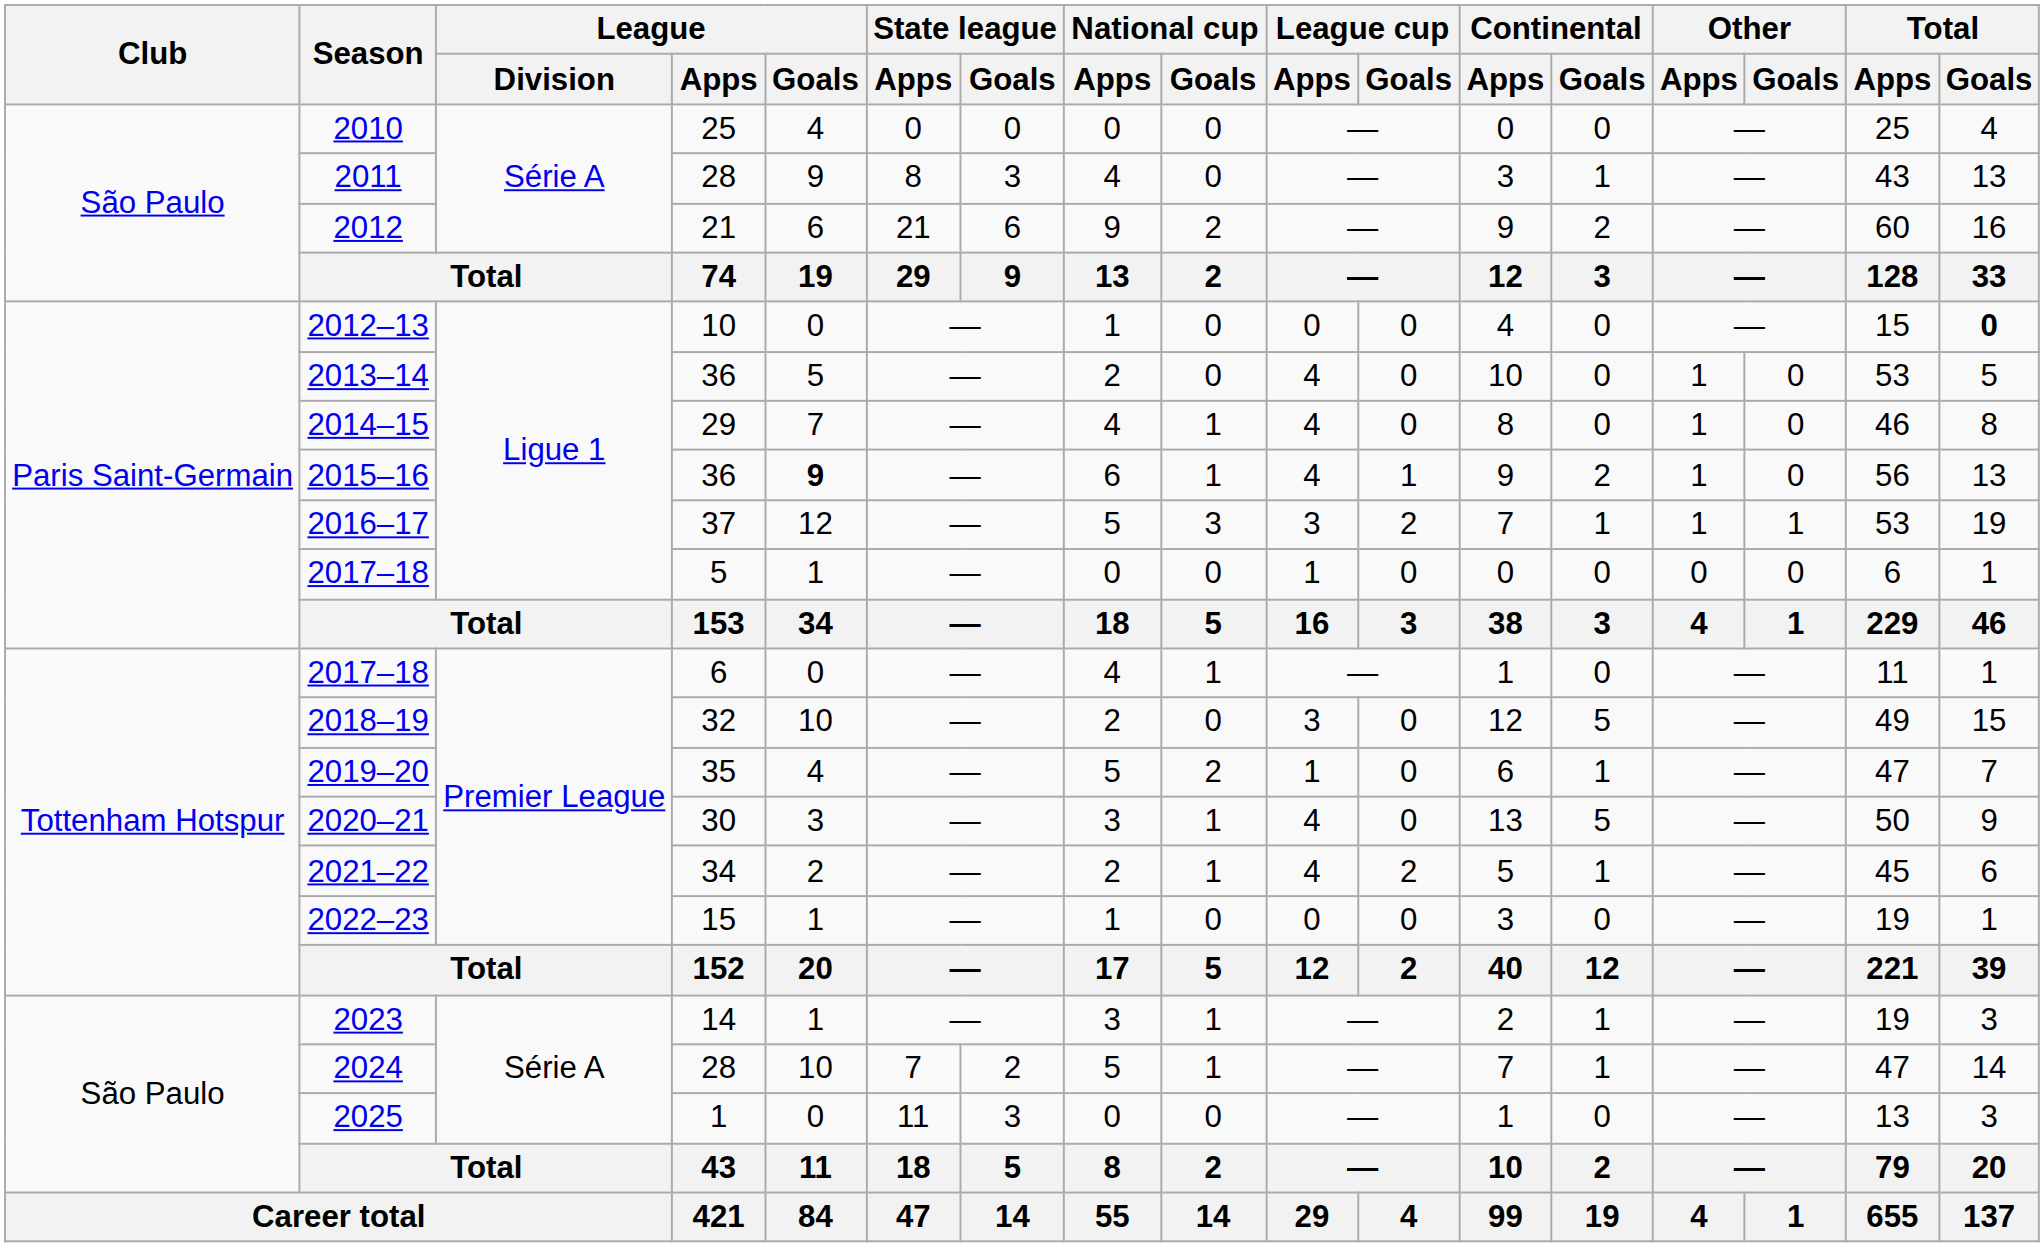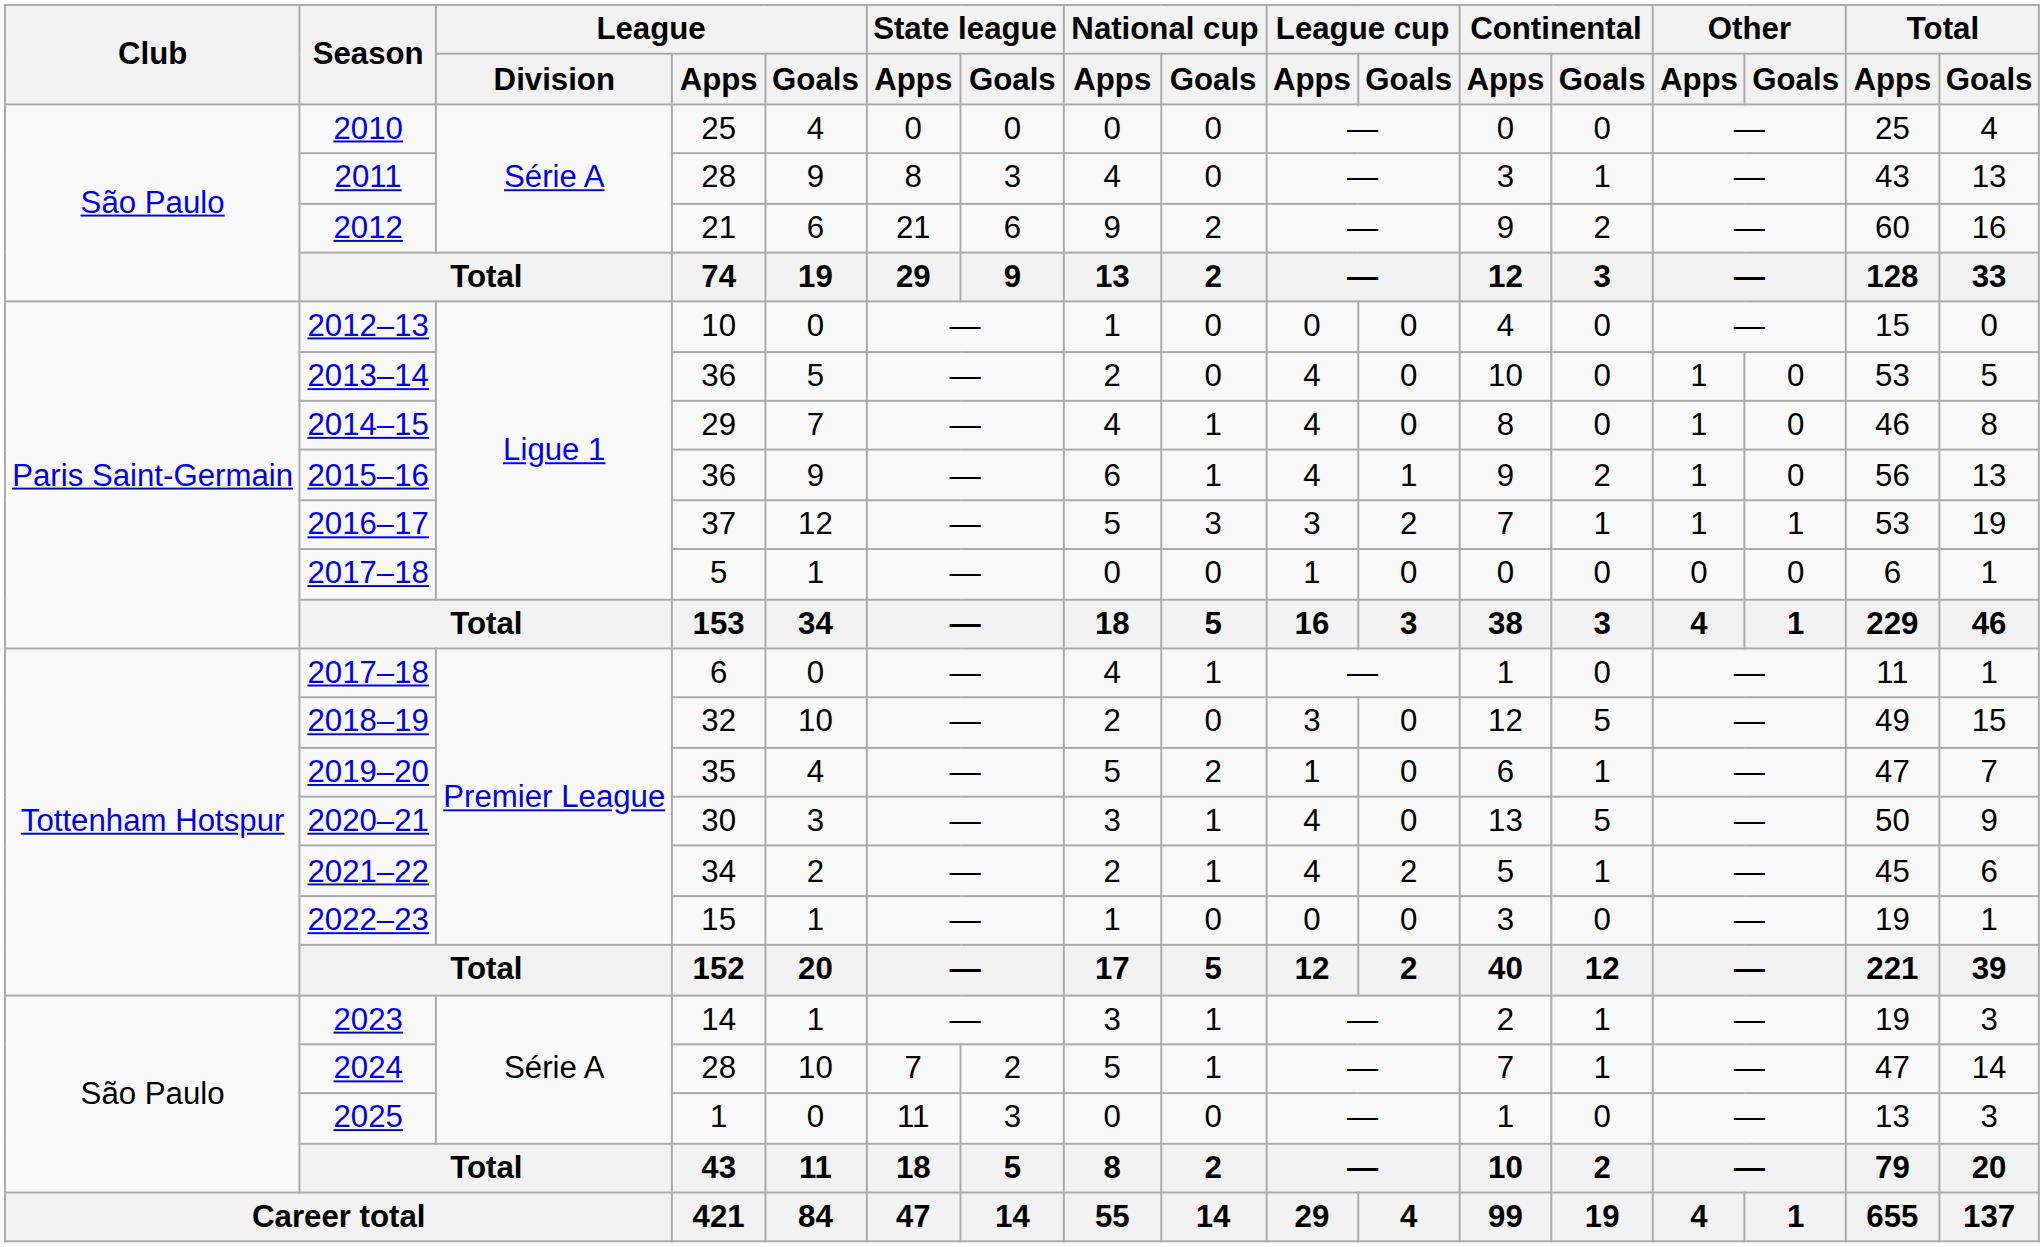 <table class="wikitable" style="text-align:center">
 <tr>
 <th rowspan="2">Club</th>
 <th rowspan="2">Season</th>
 <th colspan="3">League</th>
 <th colspan="2">State league</th>
 <th colspan="2">National cup</th>
 <th colspan="2">League cup</th>
 <th colspan="2">Continental</th>
 <th colspan="2">Other</th>
 <th colspan="2">Total</th>
 </tr>
 <tr>
 <th>Division</th>
 <th>Apps</th>
 <th>Goals</th>
 <th>Apps</th>
 <th>Goals</th>
 <th>Apps</th>
 <th>Goals</th>
 <th>Apps</th>
 <th>Goals</th>
 <th>Apps</th>
 <th>Goals</th>
 <th>Apps</th>
 <th>Goals</th>
 <th>Apps</th>
 <th>Goals</th>
 </tr>
 <tr>
 <td rowspan="4"><a href='#'>São Paulo</a></td>
 <td><a href='#'>2010</a></td>
 <td rowspan="3"><a href='#'>Série A</a></td>
 <td>25</td>
 <td>4</td>
 <td>0</td>
 <td>0</td>
 <td>0</td>
 <td>0</td>
 <td colspan="2">—</td>
 <td>0</td>
 <td>0</td>
 <td colspan="2">—</td>
 <td>25</td>
 <td>4</td>
 </tr>
 <tr>
 <td><a href='#'>2011</a></td>
 <td>28</td>
 <td>9</td>
 <td>8</td>
 <td>3</td>
 <td>4</td>
 <td>0</td>
 <td colspan="2">—</td>
 <td>3</td>
 <td>1</td>
 <td colspan="2">—</td>
 <td>43</td>
 <td>13</td>
 </tr>
 <tr>
 <td><a href='#'>2012</a></td>
 <td>21</td>
 <td>6</td>
 <td>21</td>
 <td>6</td>
 <td>9</td>
 <td>2</td>
 <td colspan="2">—</td>
 <td>9</td>
 <td>2</td>
 <td colspan="2">—</td>
 <td>60</td>
 <td>16</td>
 </tr>
 <tr>
 <th colspan="2">Total</th>
 <th>74</th>
 <th>19</th>
 <th>29</th>
 <th>9</th>
 <th>13</th>
 <th>2</th>
 <th colspan="2">—</th>
 <th>12</th>
 <th>3</th>
 <th colspan="2">—</th>
 <th>128</th>
 <th>33</th>
 </tr>
 <tr>
 <td rowspan="7"><a href='#'>Paris Saint-Germain</a></td>
 <td><a href='#'>2012–13</a></td>
 <td rowspan="6"><a href='#'>Ligue 1</a></td>
 <td>10</td>
 <td>0</td>
 <td colspan="2">—</td>
 <td>1</td>
 <td>0</td>
 <td>0</td>
 <td>0</td>
 <td>4</td>
 <td>0</td>
 <td colspan="2">—</td>
 <td>15</td>
-<td><strong>0</strong></td>
+<td>0</td>
 </tr>
 <tr>
 <td><a href='#'>2013–14</a></td>
 <td>36</td>
 <td>5</td>
 <td colspan="2">—</td>
 <td>2</td>
 <td>0</td>
 <td>4</td>
 <td>0</td>
 <td>10</td>
 <td>0</td>
 <td>1</td>
 <td>0</td>
 <td>53</td>
 <td>5</td>
 </tr>
 <tr>
 <td><a href='#'>2014–15</a></td>
 <td>29</td>
 <td>7</td>
 <td colspan="2">—</td>
 <td>4</td>
 <td>1</td>
 <td>4</td>
 <td>0</td>
 <td>8</td>
 <td>0</td>
 <td>1</td>
 <td>0</td>
 <td>46</td>
 <td>8</td>
 </tr>
 <tr>
 <td><a href='#'>2015–16</a></td>
 <td>36</td>
-<td><strong>9</strong></td>
+<td>9</td>
 <td colspan="2">—</td>
 <td>6</td>
 <td>1</td>
 <td>4</td>
 <td>1</td>
 <td>9</td>
 <td>2</td>
 <td>1</td>
 <td>0</td>
 <td>56</td>
 <td>13</td>
 </tr>
 <tr>
 <td><a href='#'>2016–17</a></td>
 <td>37</td>
 <td>12</td>
 <td colspan="2">—</td>
 <td>5</td>
 <td>3</td>
 <td>3</td>
 <td>2</td>
 <td>7</td>
 <td>1</td>
 <td>1</td>
 <td>1</td>
 <td>53</td>
 <td>19</td>
 </tr>
 <tr>
 <td><a href='#'>2017–18</a></td>
 <td>5</td>
 <td>1</td>
 <td colspan="2">—</td>
 <td>0</td>
 <td>0</td>
 <td>1</td>
 <td>0</td>
 <td>0</td>
 <td>0</td>
 <td>0</td>
 <td>0</td>
 <td>6</td>
 <td>1</td>
 </tr>
 <tr>
 <th colspan="2">Total</th>
 <th>153</th>
 <th>34</th>
 <th colspan="2">—</th>
 <th>18</th>
 <th>5</th>
 <th>16</th>
 <th>3</th>
 <th>38</th>
 <th>3</th>
 <th>4</th>
 <th>1</th>
 <th>229</th>
 <th>46</th>
 </tr>
 <tr>
 <td rowspan="7"><a href='#'>Tottenham Hotspur</a></td>
 <td><a href='#'>2017–18</a></td>
 <td rowspan="6"><a href='#'>Premier League</a></td>
 <td>6</td>
 <td>0</td>
 <td colspan="2">—</td>
 <td>4</td>
 <td>1</td>
 <td colspan="2">—</td>
 <td>1</td>
 <td>0</td>
 <td colspan="2">—</td>
 <td>11</td>
 <td>1</td>
 </tr>
 <tr>
 <td><a href='#'>2018–19</a></td>
 <td>32</td>
 <td>10</td>
 <td colspan="2">—</td>
 <td>2</td>
 <td>0</td>
 <td>3</td>
 <td>0</td>
 <td>12</td>
 <td>5</td>
 <td colspan="2">—</td>
 <td>49</td>
 <td>15</td>
 </tr>
 <tr>
 <td><a href='#'>2019–20</a></td>
 <td>35</td>
 <td>4</td>
 <td colspan="2">—</td>
 <td>5</td>
 <td>2</td>
 <td>1</td>
 <td>0</td>
 <td>6</td>
 <td>1</td>
 <td colspan="2">—</td>
 <td>47</td>
 <td>7</td>
 </tr>
 <tr>
 <td><a href='#'>2020–21</a></td>
 <td>30</td>
 <td>3</td>
 <td colspan="2">—</td>
 <td>3</td>
 <td>1</td>
 <td>4</td>
 <td>0</td>
 <td>13</td>
 <td>5</td>
 <td colspan="2">—</td>
 <td>50</td>
 <td>9</td>
 </tr>
 <tr>
 <td><a href='#'>2021–22</a></td>
 <td>34</td>
 <td>2</td>
 <td colspan="2">—</td>
 <td>2</td>
 <td>1</td>
 <td>4</td>
 <td>2</td>
 <td>5</td>
 <td>1</td>
 <td colspan="2">—</td>
 <td>45</td>
 <td>6</td>
 </tr>
 <tr>
 <td><a href='#'>2022–23</a></td>
 <td>15</td>
 <td>1</td>
 <td colspan="2">—</td>
 <td>1</td>
 <td>0</td>
 <td>0</td>
 <td>0</td>
 <td>3</td>
 <td>0</td>
 <td colspan="2">—</td>
 <td>19</td>
 <td>1</td>
 </tr>
 <tr>
 <th colspan="2">Total</th>
 <th>152</th>
 <th>20</th>
 <th colspan="2">—</th>
 <th>17</th>
 <th>5</th>
 <th>12</th>
 <th>2</th>
 <th>40</th>
 <th>12</th>
 <th colspan="2">—</th>
 <th>221</th>
 <th>39</th>
 </tr>
 <tr>
 <td rowspan="4">São Paulo</td>
 <td><a href='#'>2023</a></td>
 <td rowspan="3">Série A</td>
 <td>14</td>
 <td>1</td>
 <td colspan="2">—</td>
 <td>3</td>
 <td>1</td>
 <td colspan="2">—</td>
 <td>2</td>
 <td>1</td>
 <td colspan="2">—</td>
 <td>19</td>
 <td>3</td>
 </tr>
 <tr>
 <td><a href='#'>2024</a></td>
 <td>28</td>
 <td>10</td>
 <td>7</td>
 <td>2</td>
 <td>5</td>
 <td>1</td>
 <td colspan="2">—</td>
 <td>7</td>
 <td>1</td>
 <td colspan="2">—</td>
 <td>47</td>
 <td>14</td>
 </tr>
 <tr>
 <td><a href='#'>2025</a></td>
 <td>1</td>
 <td>0</td>
 <td>11</td>
 <td>3</td>
 <td>0</td>
 <td>0</td>
 <td colspan="2">—</td>
 <td>1</td>
 <td>0</td>
 <td colspan="2">—</td>
 <td>13</td>
 <td>3</td>
 </tr>
 <tr>
 <th colspan="2">Total</th>
 <th>43</th>
 <th>11</th>
 <th>18</th>
 <th>5</th>
 <th>8</th>
 <th>2</th>
 <th colspan="2">—</th>
 <th>10</th>
 <th>2</th>
 <th colspan="2">—</th>
 <th>79</th>
 <th>20</th>
 </tr>
 <tr>
 <th colspan="3">Career total</th>
 <th>421</th>
 <th>84</th>
 <th>47</th>
 <th>14</th>
 <th>55</th>
 <th>14</th>
 <th>29</th>
 <th>4</th>
 <th>99</th>
 <th>19</th>
 <th>4</th>
 <th>1</th>
 <th>655</th>
 <th>137</th>
 </tr>
 </table>
